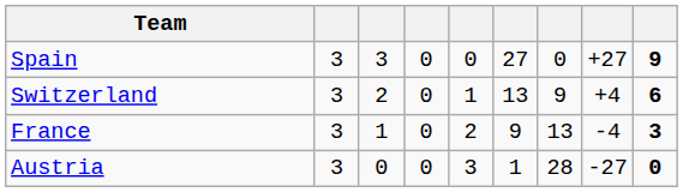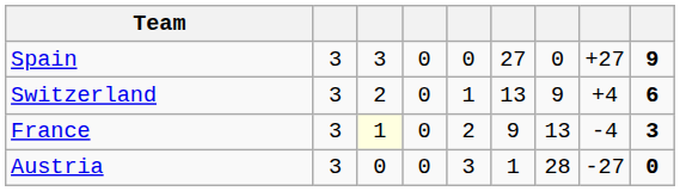 <table class="wikitable" style="text-align:center;">
 <tr>
 <th width="175">Team</th>
 <th width="20"></th>
 <th width="20"></th>
 <th width="20"></th>
 <th width="20"></th>
 <th width="20"></th>
 <th width="20"></th>
 <th width="20"></th>
 <th width="20"></th>
 </tr>
 <tr>
 <td align=left> <a href='#'>Spain</a></td>
 <td>3</td>
 <td>3</td>
 <td>0</td>
 <td>0</td>
 <td>27</td>
 <td>0</td>
 <td>+27</td>
 <td><strong>9</strong></td>
 </tr>
 <tr>
 <td align=left> <a href='#'>Switzerland</a></td>
 <td>3</td>
 <td>2</td>
 <td>0</td>
 <td>1</td>
 <td>13</td>
 <td>9</td>
 <td>+4</td>
 <td><strong>6</strong></td>
 </tr>
 <tr>
 <td align=left> <a href='#'>France</a></td>
 <td>3</td>
-<td>1</td>
+<td style="background: lightyellow;">1</td>
 <td>0</td>
 <td>2</td>
 <td>9</td>
 <td>13</td>
 <td>-4</td>
 <td><strong>3</strong></td>
 </tr>
 <tr>
 <td align=left> <a href='#'>Austria</a></td>
 <td>3</td>
 <td>0</td>
 <td>0</td>
 <td>3</td>
 <td>1</td>
 <td>28</td>
 <td>-27</td>
 <td><strong>0</strong></td>
 </tr>
 </table>
